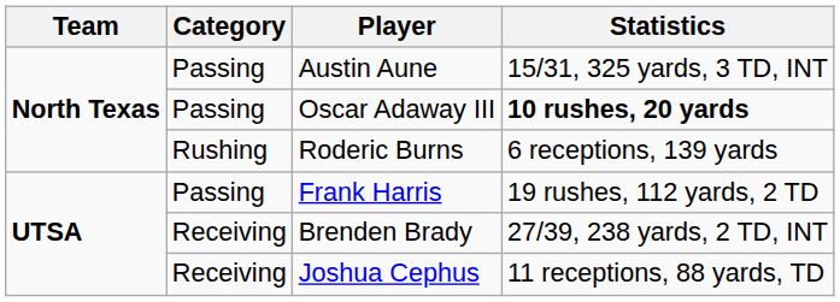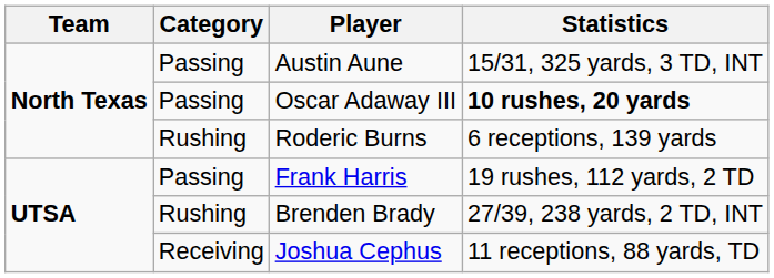 <table class="wikitable" style="float: left;">
 <tr>
 <th>Team</th>
 <th>Category</th>
 <th>Player</th>
 <th>Statistics</th>
 </tr>
 <tr>
 <td rowspan=3><strong>North Texas</strong></td>
 <td>Passing</td>
 <td>Austin Aune</td>
 <td>15/31, 325 yards, 3 TD, INT</td>
 </tr>
 <tr>
 <td>Passing</td>
 <td>Oscar Adaway III</td>
 <td><strong>10 rushes, 20 yards</strong></td>
 </tr>
 <tr>
 <td>Rushing</td>
 <td>Roderic Burns</td>
 <td>6 receptions, 139 yards</td>
 </tr>
 <tr>
 <td rowspan=3><strong>UTSA</strong></td>
 <td>Passing</td>
 <td><a href='#'>Frank Harris</a></td>
 <td>19 rushes, 112 yards, 2 TD</td>
 </tr>
 <tr>
-<td>Receiving</td>
+<td>Rushing</td>
 <td>Brenden Brady</td>
 <td>27/39, 238 yards, 2 TD, INT</td>
 </tr>
 <tr>
 <td>Receiving</td>
 <td><a href='#'>Joshua Cephus</a></td>
 <td>11 receptions, 88 yards, TD</td>
 </tr>
 </table>
